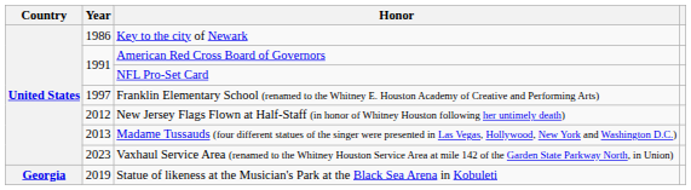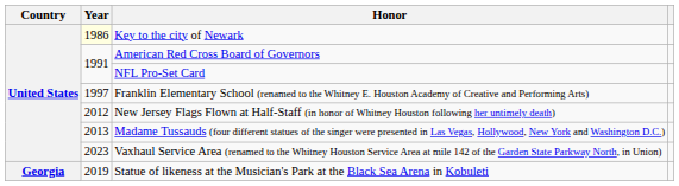 <table class="wikitable sortable plainrowheaders">
 <tr>
 <th scope="col">Country</th>
 <th scope="col">Year</th>
 <th scope="col">Honor</th>
 <th scope="col" class="unsortable"></th>
 </tr>
 <tr>
 <th scope="row" rowspan="7"><a href='#'>United States</a></th>
-<td>1986</td>
+<td style="background: lightyellow;">1986</td>
 <td><a href='#'>Key to the city</a> of <a href='#'>Newark</a></td>
 <td style="text-align:center;"></td>
 </tr>
 <tr>
 <td rowspan="2">1991</td>
 <td><a href='#'>American Red Cross Board of Governors</a></td>
 <td style="text-align:center;"></td>
 </tr>
 <tr>
 <td><a href='#'>NFL Pro-Set Card</a></td>
 <td style="text-align:center;"></td>
 </tr>
 <tr>
 <td>1997</td>
 <td>Franklin Elementary School <small>(renamed to the Whitney E. Houston Academy of Creative and Performing Arts)</small></td>
 <td style="text-align:center;"></td>
 </tr>
 <tr>
 <td>2012</td>
 <td>New Jersey Flags Flown at Half-Staff <small>(in honor of Whitney Houston following <a href='#'>her untimely death</a>)</small></td>
 <td style="text-align:center;"></td>
 </tr>
 <tr>
 <td>2013</td>
 <td><a href='#'>Madame Tussauds</a> <small>(four different statues of the singer were presented in <a href='#'>Las Vegas</a>, <a href='#'>Hollywood</a>, <a href='#'>New York</a> and <a href='#'>Washington D.C.</a>)</small></td>
 <td style="text-align:center;"></td>
 </tr>
 <tr>
 <td>2023</td>
 <td>Vaxhaul Service Area <small>(renamed to the Whitney Houston Service Area at mile 142 of the <a href='#'>Garden State Parkway North</a>, in Union)</small></td>
 <td style="text-align:center;"></td>
 </tr>
 <tr>
 <th scope="row" rowspan="1"><a href='#'>Georgia</a></th>
 <td>2019</td>
 <td>Statue of likeness at the Musician's Park at the <a href='#'>Black Sea Arena</a> in <a href='#'>Kobuleti</a></td>
 <td style="text-align:center;"></td>
 </tr>
 </table>
